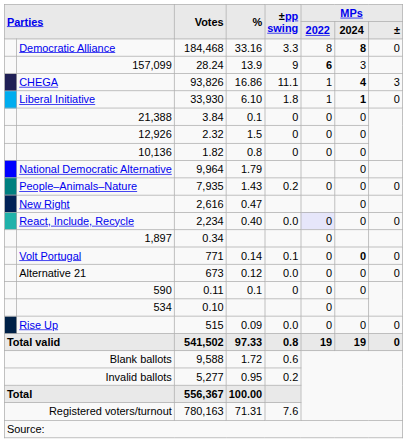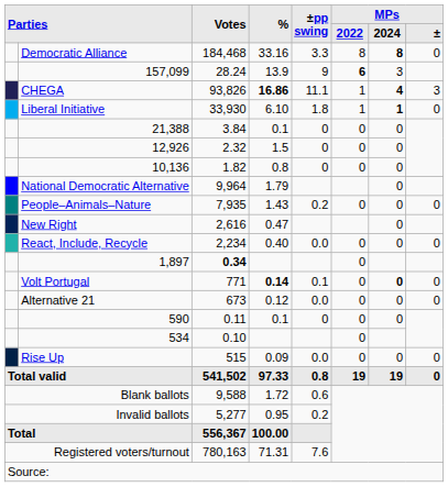 <table class="wikitable" style="text-align:right; font-size:95%;">
 <tr>
 <th rowspan="2" colspan="2" style="background:#e9e9e9; text-align:left;" alignleft><a href='#'>Parties</a></th>
 <th rowspan="2" style="background:#e9e9e9; text-align:right;">Votes</th>
 <th rowspan="2" style="background:#e9e9e9; text-align:right;">%</th>
 <th rowspan="2" style="background:#e9e9e9; text-align:right;">±<a href='#'>pp</a> <a href='#'>swing</a></th>
 <th colspan="3" style="background:#e9e9e9; text-align:center;"><a href='#'>MPs</a></th>
 </tr>
 <tr style="background-color:#E9E9E9">
 <th style="background-color:#E9E9E9;text-align:center;"><a href='#'>2022</a></th>
 <th style="background-color:#E9E9E9;text-align:center;">2024</th>
 <th style="background:#e9e9e9; text-align:right;">±</th>
 </tr>
 <tr>
 <td style="width: 10px"></td>
 <td align="left"><a href='#'>Democratic Alliance</a> </td>
 <td>184,468</td>
 <td>33.16</td>
 <td>3.3</td>
 <td>8</td>
 <td><strong>8</strong></td>
 <td>0</td>
 </tr>
 <tr>
 <td></td>
 <td>157,099</td>
 <td>28.24</td>
 <td>13.9</td>
 <td>9</td>
 <td><strong>6</strong></td>
 <td>3</td>
 </tr>
 <tr>
 <td style="width: 10px" bgcolor="#202056" align="center"></td>
 <td align="left"><a href='#'>CHEGA</a></td>
 <td>93,826</td>
-<td>16.86</td>
+<td><strong>16.86</strong></td>
 <td>11.1</td>
 <td>1</td>
 <td><strong>4</strong></td>
 <td>3</td>
 </tr>
 <tr>
 <td style="width: 10px" bgcolor="#00ADEF" align="center"></td>
 <td align="left"><a href='#'>Liberal Initiative</a></td>
 <td>33,930</td>
 <td>6.10</td>
 <td>1.8</td>
 <td>1</td>
 <td><strong>1</strong></td>
 <td>0</td>
 </tr>
 <tr>
 <td></td>
 <td>21,388</td>
 <td>3.84</td>
 <td>0.1</td>
 <td>0</td>
 <td>0</td>
 <td>0</td>
 </tr>
 <tr>
 <td></td>
 <td>12,926</td>
 <td>2.32</td>
 <td>1.5</td>
 <td>0</td>
 <td>0</td>
 <td>0</td>
 </tr>
 <tr>
 <td></td>
 <td>10,136</td>
 <td>1.82</td>
 <td>0.8</td>
 <td>0</td>
 <td>0</td>
 <td>0</td>
 </tr>
 <tr>
 <td style="width: 10px" bgcolor="blue" align="center"></td>
 <td align="left"><a href='#'>National Democratic Alternative</a></td>
 <td>9,964</td>
 <td>1.79</td>
 <td></td>
 <td></td>
 <td>0</td>
 <td></td>
 </tr>
 <tr>
 <td style="width: 10px" bgcolor="teal" align="center"></td>
 <td align="left"><a href='#'>People–Animals–Nature</a></td>
 <td>7,935</td>
 <td>1.43</td>
 <td>0.2</td>
 <td>0</td>
 <td>0</td>
 <td>0</td>
 </tr>
 <tr>
 <td style="width: 10px" bgcolor="#012257" align="center"></td>
 <td align="left"><a href='#'>New Right</a></td>
 <td>2,616</td>
 <td>0.47</td>
 <td></td>
 <td></td>
 <td>0</td>
 <td></td>
 </tr>
 <tr>
 <td style="width: 10px" bgcolor="LightSeaGreen" align="center"></td>
 <td align="left"><a href='#'>React, Include, Recycle</a></td>
 <td>2,234</td>
 <td>0.40</td>
 <td>0.0</td>
-<td style="background: lavender;">0</td>
+<td>0</td>
 <td>0</td>
 <td>0</td>
 </tr>
 <tr>
 <td></td>
 <td>1,897</td>
-<td>0.34</td>
+<td><strong>0.34</strong></td>
 <td></td>
 <td></td>
 <td>0</td>
 <td></td>
 </tr>
 <tr>
 <td style="width: 10px"></td>
 <td align="left"><a href='#'>Volt Portugal</a></td>
 <td>771</td>
-<td>0.14</td>
+<td><strong>0.14</strong></td>
 <td>0.1</td>
 <td>0</td>
 <td><strong>0</strong></td>
 <td>0</td>
 </tr>
 <tr>
 <td style="width: 10px"></td>
 <td align="left">Alternative 21 </td>
 <td>673</td>
 <td>0.12</td>
 <td>0.0</td>
 <td>0</td>
 <td>0</td>
 <td>0</td>
 </tr>
 <tr>
 <td></td>
 <td>590</td>
 <td>0.11</td>
 <td>0.1</td>
 <td>0</td>
 <td>0</td>
 <td>0</td>
 </tr>
 <tr>
 <td></td>
 <td>534</td>
 <td>0.10</td>
 <td></td>
 <td></td>
 <td>0</td>
 <td></td>
 </tr>
 <tr>
 <td style="width: 10px" bgcolor="#002147" align="center"></td>
 <td align="left"><a href='#'>Rise Up</a></td>
 <td>515</td>
 <td>0.09</td>
 <td>0.0</td>
 <td>0</td>
 <td>0</td>
 <td>0</td>
 </tr>
 <tr>
 <td colspan=2 align=left style="background-color:#E9E9E9"><strong>Total valid</strong></td>
 <td width="65" align="right" style="background-color:#E9E9E9"><strong>541,502</strong></td>
 <td width="40" align="right" style="background-color:#E9E9E9"><strong>97.33</strong></td>
 <td width="40" align="right" style="background-color:#E9E9E9"><strong>0.8</strong></td>
 <td width="40" align="right" style="background-color:#E9E9E9"><strong>19</strong></td>
 <td width="40" align="right" style="background-color:#E9E9E9"><strong>19</strong></td>
 <td width="40" align="right" style="background-color:#E9E9E9"><strong>0</strong></td>
 </tr>
 <tr>
 <td colspan=2>Blank ballots</td>
 <td>9,588</td>
 <td>1.72</td>
 <td>0.6</td>
 <td colspan="3" rowspan="4"></td>
 </tr>
 <tr>
 <td colspan=2>Invalid ballots</td>
 <td>5,277</td>
 <td>0.95</td>
 <td>0.2</td>
 </tr>
 <tr>
 <td colspan=2 align=left style="background-color:#E9E9E9"><strong>Total</strong></td>
 <td width="50" align="right" style="background-color:#E9E9E9"><strong>556,367</strong></td>
 <td width="40" align="right" style="background-color:#E9E9E9"><strong>100.00</strong></td>
 <td width="40" align="right" style="background-color:#E9E9E9"></td>
 </tr>
 <tr>
 <td colspan=2>Registered voters/turnout</td>
 <td>780,163</td>
 <td>71.31</td>
 <td>7.6</td>
 </tr>
 <tr>
 <td colspan=8 align=left>Source: </td>
 </tr>
 </table>
